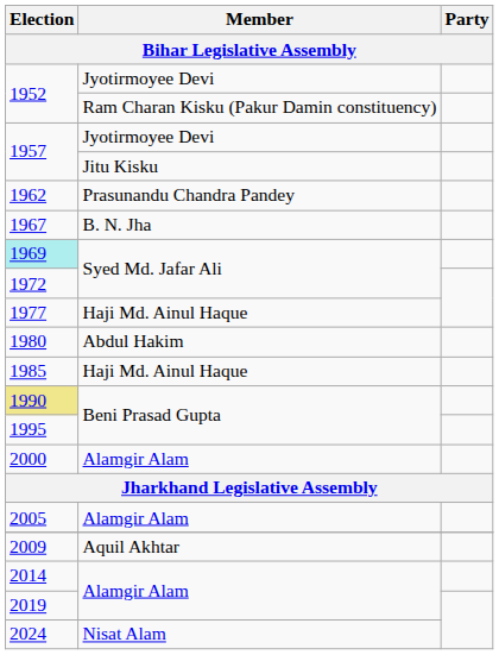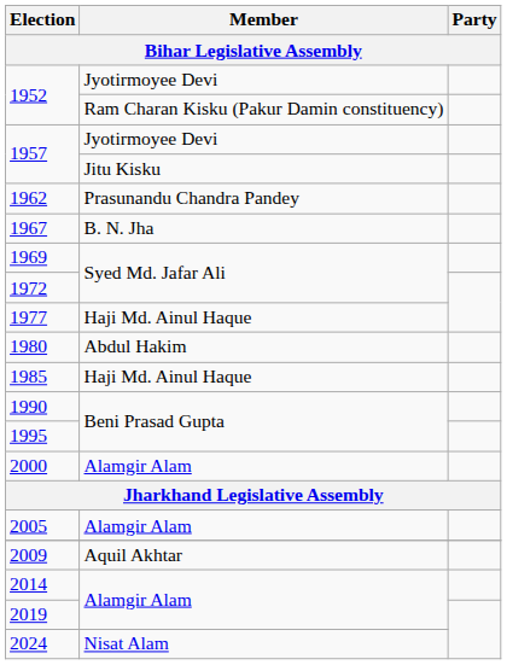 <table class="wikitable sortable">
 <tr>
 <th>Election</th>
 <th>Member</th>
 <th colspan=2>Party</th>
 </tr>
 <tr>
 <th colspan=4><a href='#'>Bihar Legislative Assembly</a></th>
 </tr>
 <tr>
 <td rowspan=2><a href='#'>1952</a></td>
 <td>Jyotirmoyee Devi</td>
 <td></td>
 </tr>
 <tr>
 <td>Ram Charan Kisku (Pakur Damin constituency)</td>
 <td></td>
 </tr>
 <tr>
 <td rowspan=2><a href='#'>1957</a></td>
 <td>Jyotirmoyee Devi</td>
 <td></td>
 </tr>
 <tr>
 <td>Jitu Kisku</td>
 </tr>
 <tr>
 <td><a href='#'>1962</a></td>
 <td>Prasunandu Chandra Pandey</td>
 <td></td>
 </tr>
 <tr>
 <td><a href='#'>1967</a></td>
 <td>B. N. Jha</td>
 <td></td>
 </tr>
 <tr>
-<td style="background: paleturquoise;"><a href='#'>1969</a></td>
+<td><a href='#'>1969</a></td>
 <td rowspan=2>Syed Md. Jafar Ali</td>
 <td></td>
 </tr>
 <tr>
 <td><a href='#'>1972</a></td>
 </tr>
 <tr>
 <td><a href='#'>1977</a></td>
 <td>Haji Md. Ainul Haque</td>
 </tr>
 <tr>
 <td><a href='#'>1980</a></td>
 <td>Abdul Hakim</td>
 <td></td>
 </tr>
 <tr>
 <td><a href='#'>1985</a></td>
 <td>Haji Md. Ainul Haque</td>
 <td></td>
 </tr>
 <tr>
-<td style="background: khaki;"><a href='#'>1990</a></td>
+<td><a href='#'>1990</a></td>
 <td rowspan=2>Beni Prasad Gupta</td>
 <td></td>
 </tr>
 <tr>
 <td><a href='#'>1995</a></td>
 </tr>
 <tr>
 <td><a href='#'>2000</a></td>
 <td><a href='#'>Alamgir Alam</a></td>
 <td></td>
 </tr>
 <tr>
 <th colspan=4><a href='#'>Jharkhand Legislative Assembly</a></th>
 </tr>
 <tr>
 <td><a href='#'>2005</a></td>
 <td><a href='#'>Alamgir Alam</a></td>
 <td></td>
 </tr>
 <tr>
 </tr>
 <tr>
 <td><a href='#'>2009</a></td>
 <td>Aquil Akhtar</td>
 <td></td>
 </tr>
 <tr>
 <td><a href='#'>2014</a></td>
 <td rowspan="2"><a href='#'>Alamgir Alam</a></td>
 <td></td>
 </tr>
 <tr>
 <td><a href='#'>2019</a></td>
 </tr>
 <tr>
 <td><a href='#'>2024</a></td>
 <td><a href='#'>Nisat Alam</a></td>
 </tr>
 </table>
